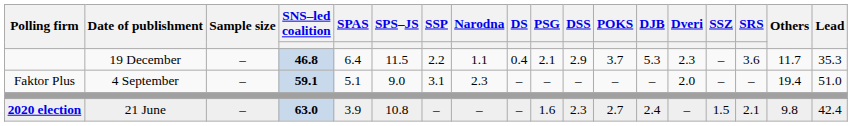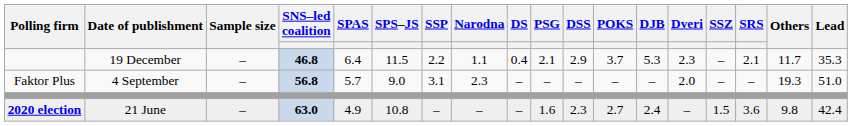 <table class="wikitable" style="text-align:center; font-size:85%; line-height:16px; margin-bottom:0">
 <tr>
 <th rowspan="2">Polling firm</th>
 <th rowspan="2">Date of publishment</th>
 <th rowspan="2">Sample size</th>
 <th><a href='#'>SNS–led<br>coalition</a></th>
 <th><a href='#'>SPAS</a></th>
 <th><a href='#'>SPS</a>–<a href='#'>JS</a></th>
 <th><a href='#'>SSP</a></th>
 <th><a href='#'>Narodna</a></th>
 <th><a href='#'>DS</a></th>
 <th><a href='#'>PSG</a></th>
 <th><a href='#'>DSS</a></th>
 <th><a href='#'>POKS</a></th>
 <th><a href='#'>DJB</a></th>
 <th><a href='#'>Dveri</a></th>
 <th><a href='#'>SSZ</a></th>
 <th><a href='#'>SRS</a></th>
 <th rowspan="2">Others</th>
 <th rowspan="2">Lead</th>
 </tr>
 <tr>
 <th style="background:"></th>
 <th style="background:"></th>
 <th style="background:"></th>
 <th style="background:"></th>
 <th style="background:"></th>
 <th style="background:"></th>
 <th style="background:"></th>
 <th style="background:"></th>
 <th style="background:"></th>
 <th style="background:"></th>
 <th style="background:"></th>
 <th style="background:"></th>
 <th style="background:"></th>
 </tr>
 <tr>
 <td></td>
 <td>19 December</td>
 <td>–</td>
 <td style="background:#C8D9EC"><strong>46.8</strong></td>
 <td>6.4</td>
 <td>11.5</td>
 <td>2.2</td>
 <td>1.1</td>
 <td>0.4</td>
 <td>2.1</td>
 <td>2.9</td>
 <td>3.7</td>
 <td>5.3</td>
 <td>2.3</td>
 <td>–</td>
-<td>3.6</td>
+<td>2.1</td>
 <td>11.7</td>
 <td style="background:">35.3</td>
 </tr>
 <tr>
 <td>Faktor Plus</td>
 <td>4 September</td>
 <td>–</td>
-<td style="background:#C8D9EC"><strong>59.1</strong></td>
-<td>5.1</td>
+<td style="background:#C8D9EC"><strong>56.8</strong></td>
+<td>5.7</td>
 <td>9.0</td>
 <td>3.1</td>
 <td>2.3</td>
 <td>–</td>
 <td>–</td>
 <td>–</td>
 <td>–</td>
 <td>–</td>
 <td>2.0</td>
 <td>–</td>
 <td>–</td>
-<td>19.4</td>
+<td>19.3</td>
 <td style="background:">51.0</td>
 </tr>
 <tr>
 <td colspan="18" style="background:#A0A0A0"></td>
 </tr>
 <tr style="background:#EFEFEF">
 <td><strong><a href='#'>2020 election</a></strong></td>
 <td>21 June</td>
 <td>–</td>
 <td style="background:#C8D9EC"><strong>63.0</strong></td>
-<td>3.9</td>
+<td>4.9</td>
 <td>10.8</td>
 <td>–</td>
 <td>–</td>
 <td>–</td>
 <td>1.6</td>
 <td>2.3</td>
 <td>2.7</td>
 <td>2.4</td>
 <td>–</td>
 <td>1.5</td>
-<td>2.1</td>
+<td>3.6</td>
 <td>9.8</td>
 <td style="background:">42.4</td>
 </tr>
 </table>
